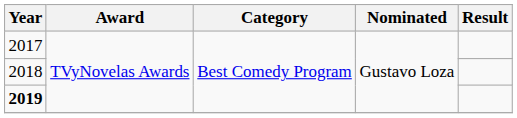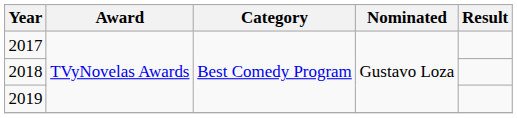 <table class="wikitable plainrowheaders">
 <tr>
 <th scope="col">Year</th>
 <th scope="col">Award</th>
 <th scope="col">Category</th>
 <th scope="col">Nominated</th>
 <th scope="col">Result</th>
 </tr>
 <tr>
 <td>2017</td>
 <td rowspan="3"><a href='#'>TVyNovelas Awards</a></td>
 <td rowspan="3"><a href='#'>Best Comedy Program</a></td>
 <td rowspan="3">Gustavo Loza</td>
 <td></td>
 </tr>
 <tr>
 <td>2018</td>
 <td></td>
 </tr>
 <tr>
-<td><strong>2019</strong></td>
+<td>2019</td>
 <td></td>
 </tr>
 <tr>
 </tr>
 </table>
